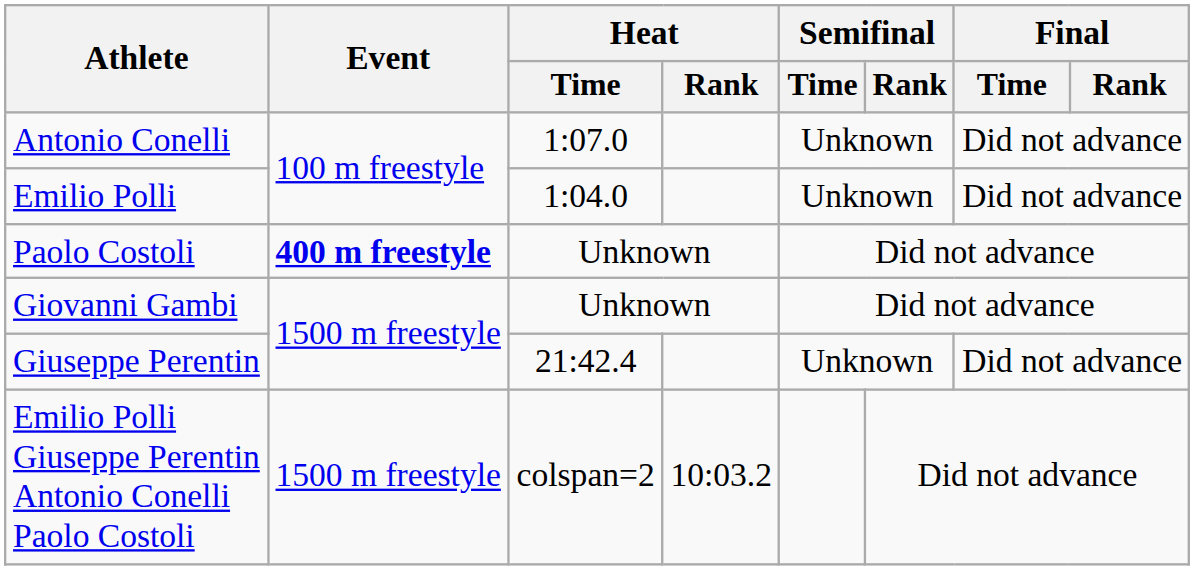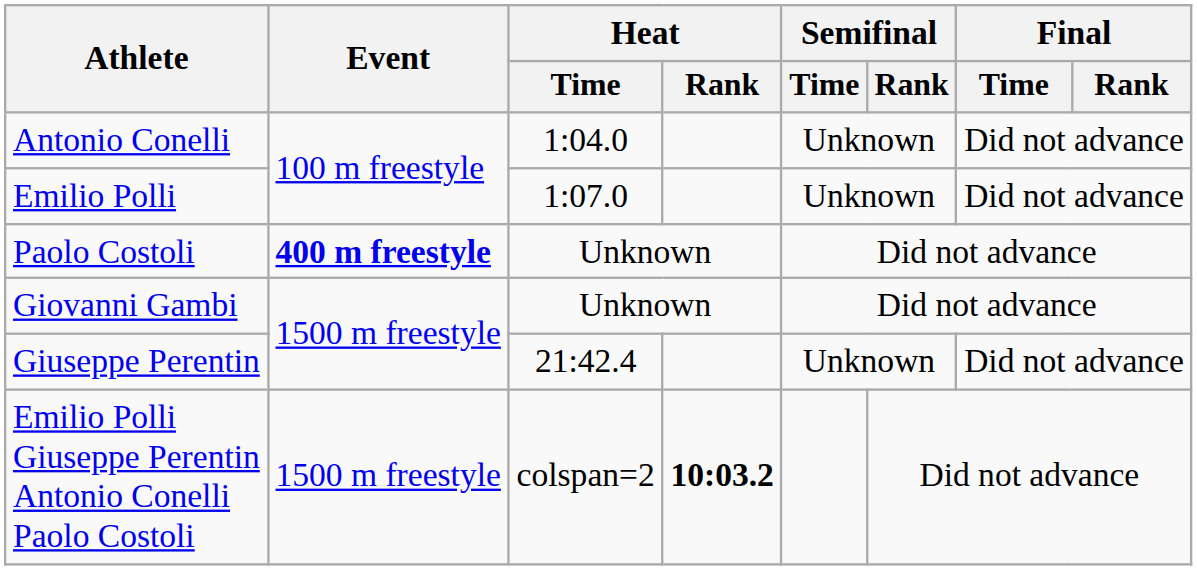 <table class=wikitable style="font-size:90%;">
 <tr>
 <th rowspan=2>Athlete</th>
 <th rowspan=2>Event</th>
 <th colspan=2>Heat</th>
 <th colspan=2>Semifinal</th>
 <th colspan=2>Final</th>
 </tr>
 <tr style="font-size:95%">
 <th>Time</th>
 <th>Rank</th>
 <th>Time</th>
 <th>Rank</th>
 <th>Time</th>
 <th>Rank</th>
 </tr>
 <tr align=center>
 <td align=left><a href='#'>Antonio Conelli</a></td>
 <td rowspan=2 align=left><a href='#'>100 m freestyle</a></td>
-<td>1:07.0</td>
+<td>1:04.0</td>
 <td></td>
 <td colspan=2>Unknown</td>
 <td colspan=2>Did not advance</td>
 </tr>
 <tr align=center>
 <td align=left><a href='#'>Emilio Polli</a></td>
-<td>1:04.0</td>
+<td>1:07.0</td>
 <td></td>
 <td colspan=2>Unknown</td>
 <td colspan=2>Did not advance</td>
 </tr>
 <tr align=center>
 <td align=left><a href='#'>Paolo Costoli</a></td>
 <td align=left><strong><a href='#'>400 m freestyle</a></strong></td>
 <td colspan=2>Unknown</td>
 <td colspan=4>Did not advance</td>
 </tr>
 <tr align=center>
 <td align=left><a href='#'>Giovanni Gambi</a></td>
 <td rowspan=2 align=left><a href='#'>1500 m freestyle</a></td>
 <td colspan=2>Unknown</td>
 <td colspan=4>Did not advance</td>
 </tr>
 <tr align=center>
 <td align=left><a href='#'>Giuseppe Perentin</a></td>
 <td>21:42.4</td>
 <td></td>
 <td colspan=2>Unknown</td>
 <td colspan=4>Did not advance</td>
 </tr>
 <tr align=center>
 <td align=left><a href='#'>Emilio Polli</a><br><a href='#'>Giuseppe Perentin</a><br><a href='#'>Antonio Conelli</a><br><a href='#'>Paolo Costoli</a></td>
 <td rowspan=2 align=left><a href='#'>1500 m freestyle</a></td>
 <td>colspan=2 </td>
-<td>10:03.2</td>
+<td><strong>10:03.2</strong></td>
 <td></td>
 <td colspan=4>Did not advance</td>
 </tr>
 </table>
